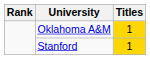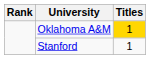 <table class="wikitable sortable" style="text-align:center">
 <tr>
 <th>Rank</th>
 <th>University</th>
 <th>Titles</th>
 </tr>
 <tr>
 <td rowspan="2"></td>
 <td align=left><a href='#'>Oklahoma A&M</a></td>
 <td style="background: gold;">1</td>
 </tr>
 <tr>
 <td align=left><a href='#'>Stanford</a></td>
-<td style="background: gold;">1</td>
+<td>1</td>
 </tr>
 </table>
